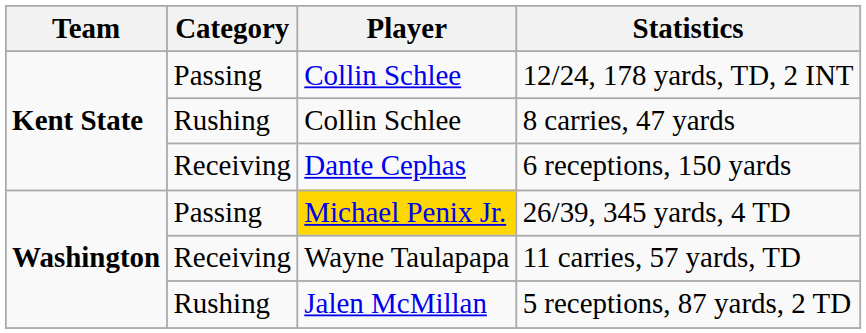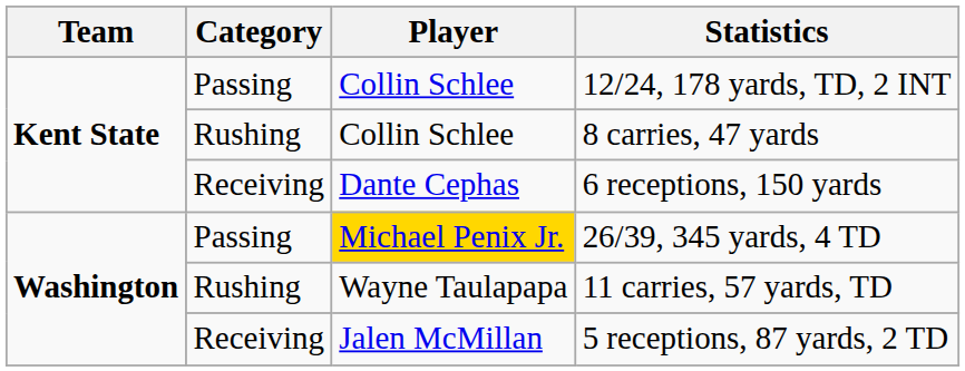 <table class="wikitable" style="float: right;">
 <tr>
 <th>Team</th>
 <th>Category</th>
 <th>Player</th>
 <th>Statistics</th>
 </tr>
 <tr>
 <td rowspan=3><strong>Kent State</strong></td>
 <td>Passing</td>
 <td><a href='#'>Collin Schlee</a></td>
 <td>12/24, 178 yards, TD, 2 INT</td>
 </tr>
 <tr>
 <td>Rushing</td>
 <td>Collin Schlee</td>
 <td>8 carries, 47 yards</td>
 </tr>
 <tr>
 <td>Receiving</td>
 <td><a href='#'>Dante Cephas</a></td>
 <td>6 receptions, 150 yards</td>
 </tr>
 <tr>
 <td rowspan=3><strong>Washington</strong></td>
 <td>Passing</td>
 <td style="background: gold;"><a href='#'>Michael Penix Jr.</a></td>
 <td>26/39, 345 yards, 4 TD</td>
 </tr>
 <tr>
-<td>Receiving</td>
+<td>Rushing</td>
 <td>Wayne Taulapapa</td>
 <td>11 carries, 57 yards, TD</td>
 </tr>
 <tr>
-<td>Rushing</td>
+<td>Receiving</td>
 <td><a href='#'>Jalen McMillan</a></td>
 <td>5 receptions, 87 yards, 2 TD</td>
 </tr>
 </table>
